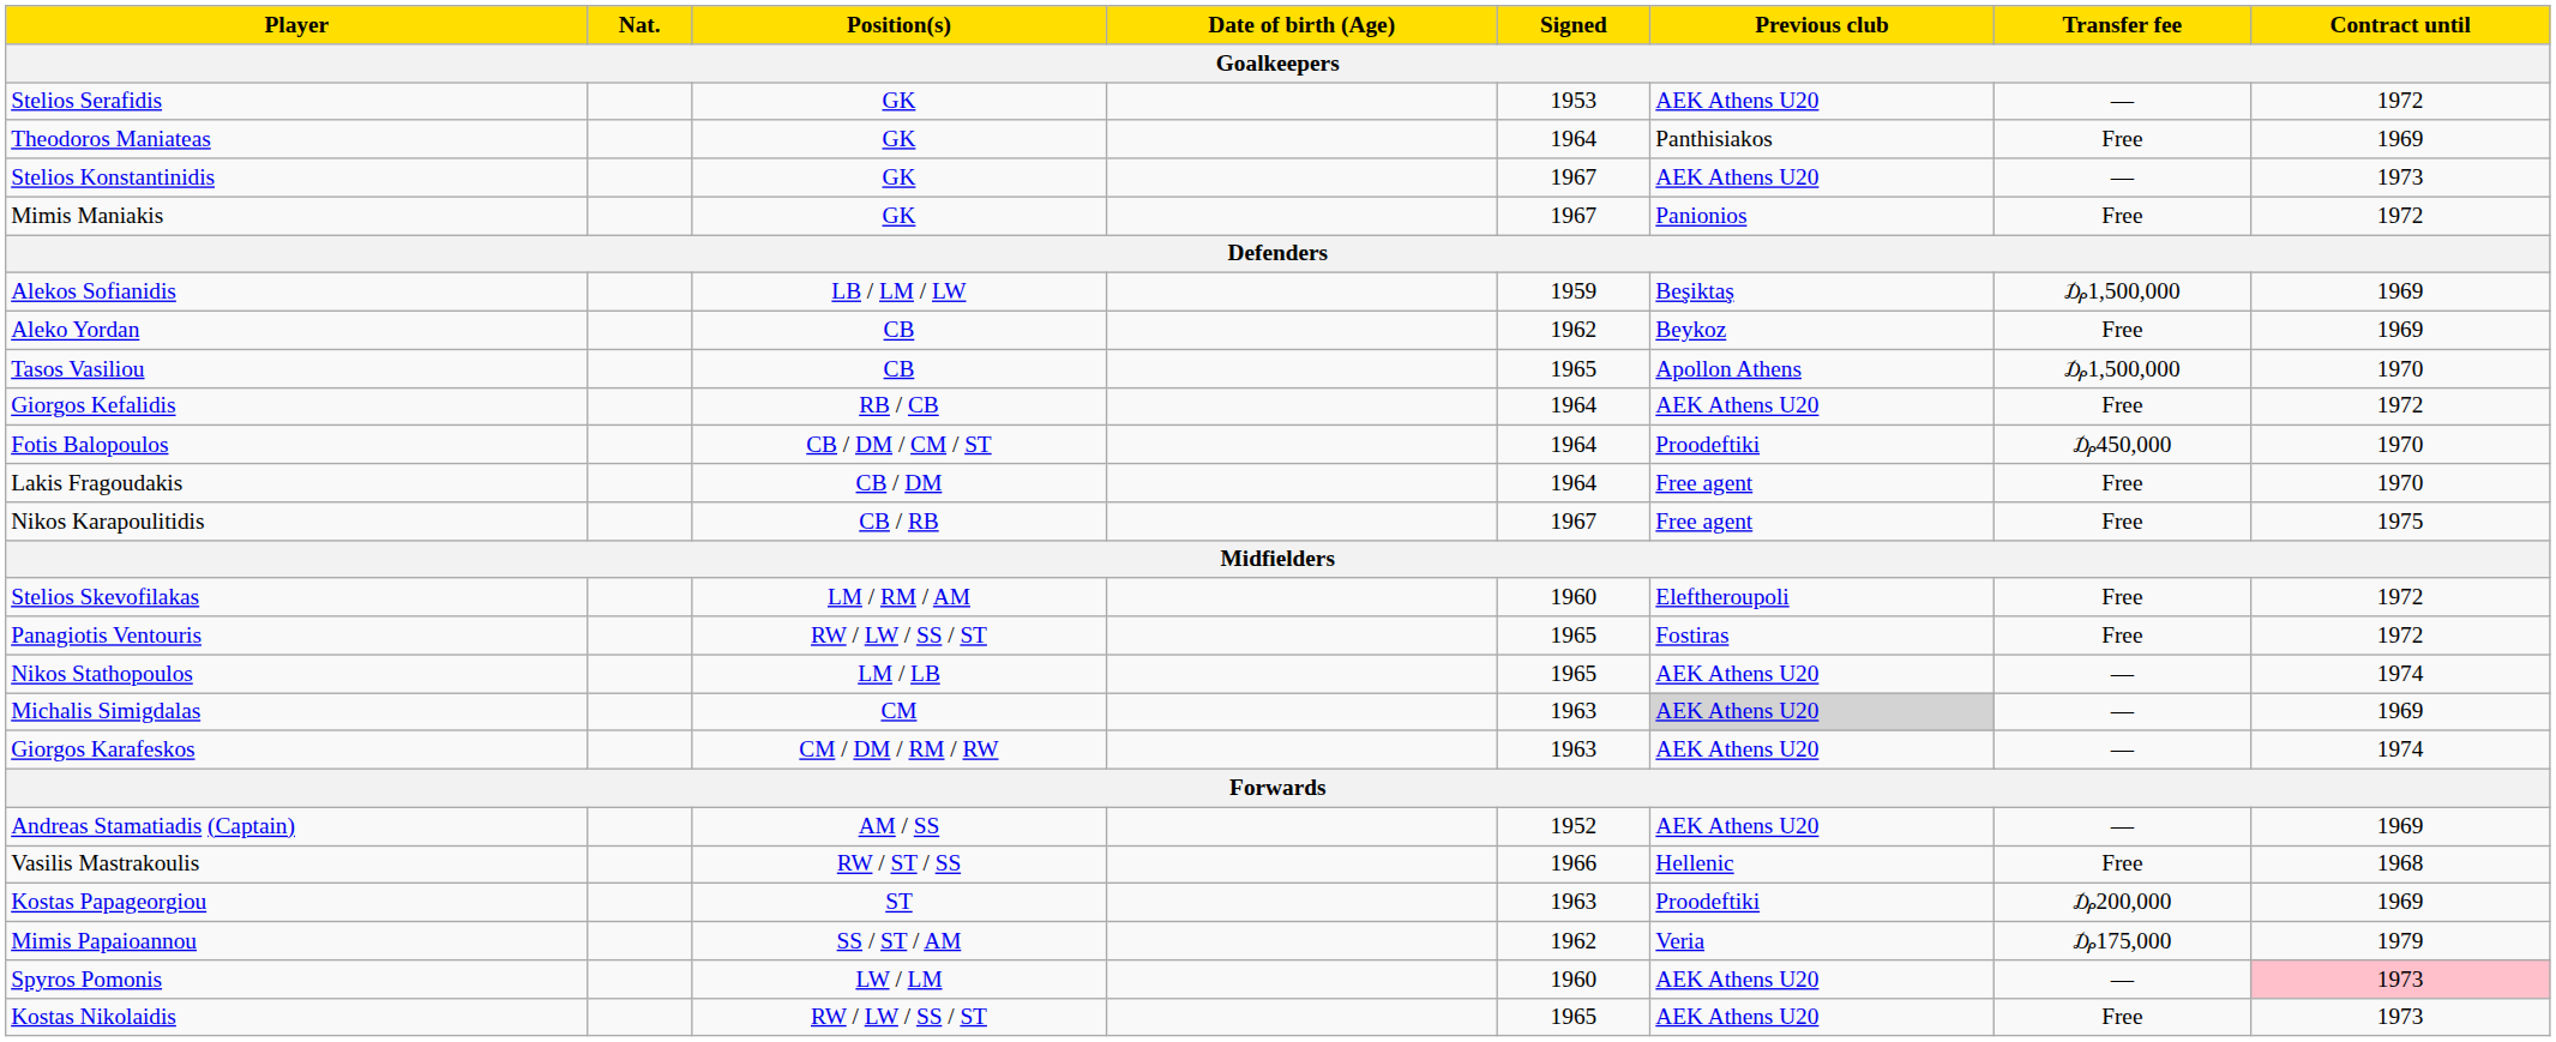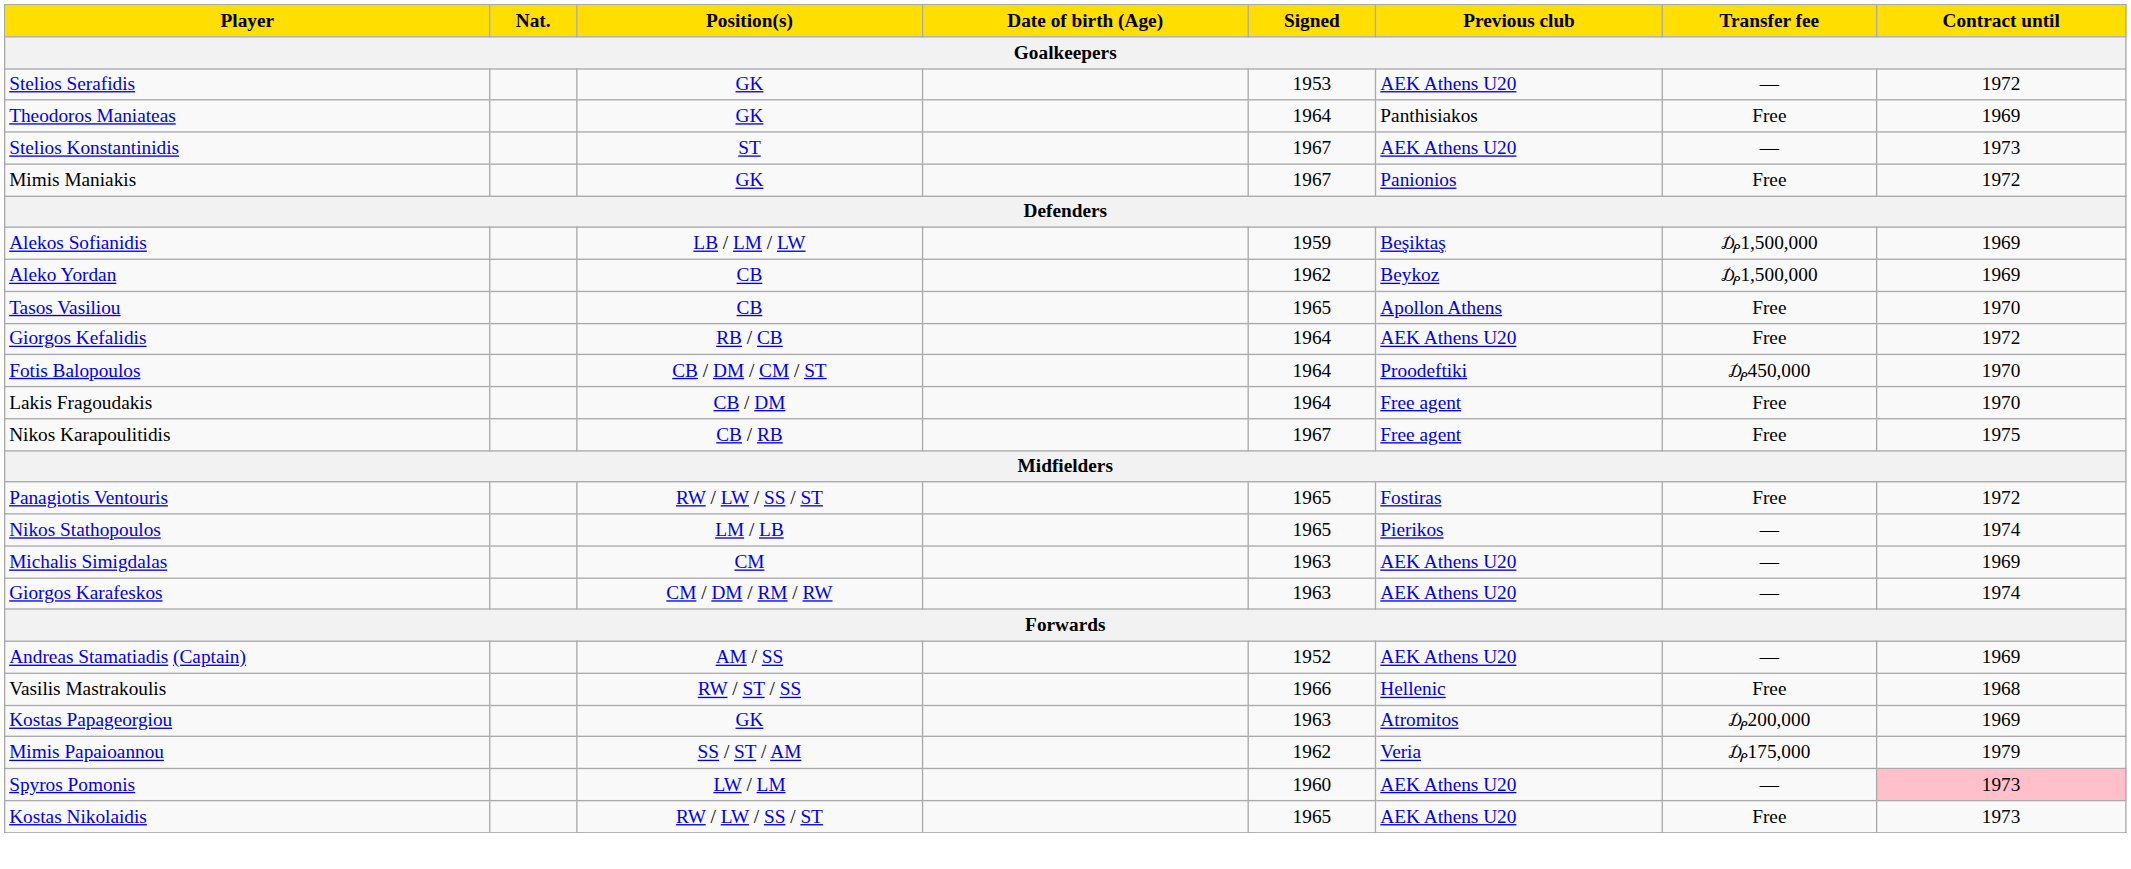 <table class="wikitable" style="text-align:center; font-size:90%;width:100%;">
 <tr>
 <th style="background:#FFDE00">Player</th>
 <th style="background:#FFDE00">Nat.</th>
 <th style="background:#FFDE00">Position(s)</th>
 <th style="background:#FFDE00">Date of birth (Age)</th>
 <th style="background:#FFDE00">Signed</th>
 <th style="background:#FFDE00">Previous club</th>
 <th style="background:#FFDE00">Transfer fee</th>
 <th style="background:#FFDE00">Contract until</th>
 </tr>
 <tr>
 <th colspan="8">Goalkeepers</th>
 </tr>
 <tr>
 <td align=left><a href='#'>Stelios Serafidis</a></td>
 <td></td>
 <td><a href='#'>GK</a></td>
 <td></td>
 <td>1953</td>
 <td align=left> <a href='#'>AEK Athens U20</a></td>
 <td>—</td>
 <td>1972</td>
 </tr>
 <tr>
 <td align=left><a href='#'>Theodoros Maniateas</a></td>
 <td></td>
 <td><a href='#'>GK</a></td>
 <td></td>
 <td>1964</td>
 <td align=left> Panthisiakos</td>
 <td>Free</td>
 <td>1969</td>
 </tr>
 <tr>
 <td align=left><a href='#'>Stelios Konstantinidis</a></td>
 <td></td>
-<td><a href='#'>GK</a></td>
+<td><a href='#'>ST</a></td>
 <td></td>
 <td>1967</td>
 <td align=left> <a href='#'>AEK Athens U20</a></td>
 <td>—</td>
 <td>1973</td>
 </tr>
 <tr>
 <td align=left>Mimis Maniakis</td>
 <td></td>
 <td><a href='#'>GK</a></td>
 <td></td>
 <td>1967</td>
 <td align=left> <a href='#'>Panionios</a></td>
 <td>Free</td>
 <td>1972</td>
 </tr>
 <tr>
 <th colspan="8">Defenders</th>
 </tr>
 <tr>
 <td align=left><a href='#'>Alekos Sofianidis</a></td>
 <td></td>
 <td><a href='#'>LB</a> / <a href='#'>LM</a> / <a href='#'>LW</a></td>
 <td></td>
 <td>1959</td>
 <td align=left> <a href='#'>Beşiktaş</a></td>
 <td>₯1,500,000</td>
 <td>1969</td>
 </tr>
 <tr>
 <td align=left><a href='#'>Aleko Yordan</a></td>
 <td></td>
 <td><a href='#'>CB</a></td>
 <td></td>
 <td>1962</td>
 <td align=left> <a href='#'>Beykoz</a></td>
-<td>Free</td>
+<td>₯1,500,000</td>
 <td>1969</td>
 </tr>
 <tr>
 <td align=left><a href='#'>Tasos Vasiliou</a></td>
 <td></td>
 <td><a href='#'>CB</a></td>
 <td></td>
 <td>1965</td>
 <td align=left> <a href='#'>Apollon Athens</a></td>
-<td>₯1,500,000</td>
+<td>Free</td>
 <td>1970</td>
 </tr>
 <tr>
 <td align=left><a href='#'>Giorgos Kefalidis</a></td>
 <td></td>
 <td><a href='#'>RB</a> / <a href='#'>CB</a></td>
 <td></td>
 <td>1964</td>
 <td align=left> <a href='#'>AEK Athens U20</a></td>
 <td>Free</td>
 <td>1972</td>
 </tr>
 <tr>
 <td align=left><a href='#'>Fotis Balopoulos</a></td>
 <td></td>
 <td><a href='#'>CB</a> / <a href='#'>DM</a> / <a href='#'>CM</a> / <a href='#'>ST</a></td>
 <td></td>
 <td>1964</td>
 <td align=left> <a href='#'>Proodeftiki</a></td>
 <td>₯450,000</td>
 <td>1970</td>
 </tr>
 <tr>
 <td align=left>Lakis Fragoudakis</td>
 <td></td>
 <td><a href='#'>CB</a> / <a href='#'>DM</a></td>
 <td></td>
 <td>1964</td>
 <td align=left><a href='#'>Free agent</a></td>
 <td>Free</td>
 <td>1970</td>
 </tr>
 <tr>
 <td align=left>Nikos Karapoulitidis</td>
 <td></td>
 <td><a href='#'>CB</a> / <a href='#'>RB</a></td>
 <td></td>
 <td>1967</td>
 <td align=left><a href='#'>Free agent</a></td>
 <td>Free</td>
 <td>1975</td>
 </tr>
 <tr>
 <th colspan="8">Midfielders</th>
 </tr>
 <tr>
-<td align=left><a href='#'>Stelios Skevofilakas</a></td>
-<td></td>
-<td><a href='#'>LM</a> / <a href='#'>RM</a> / <a href='#'>AM</a></td>
-<td></td>
-<td>1960</td>
-<td align=left> <a href='#'>Eleftheroupoli</a></td>
-<td>Free</td>
-<td>1972</td>
-</tr>
-<tr>
 <td align=left><a href='#'>Panagiotis Ventouris</a></td>
 <td></td>
 <td><a href='#'>RW</a> / <a href='#'>LW</a> / <a href='#'>SS</a> / <a href='#'>ST</a></td>
 <td></td>
 <td>1965</td>
 <td align=left> <a href='#'>Fostiras</a></td>
 <td>Free</td>
 <td>1972</td>
 </tr>
 <tr>
 <td align=left><a href='#'>Nikos Stathopoulos</a></td>
 <td></td>
 <td><a href='#'>LM</a> / <a href='#'>LB</a></td>
 <td></td>
 <td>1965</td>
-<td align=left> <a href='#'>AEK Athens U20</a></td>
+<td align=left> <a href='#'>Pierikos</a></td>
 <td>—</td>
 <td>1974</td>
 </tr>
 <tr>
 <td align=left><a href='#'>Michalis Simigdalas</a></td>
 <td></td>
 <td><a href='#'>CM</a></td>
 <td></td>
 <td>1963</td>
-<td align=left style="background: lightgrey;"> <a href='#'>AEK Athens U20</a></td>
+<td align=left> <a href='#'>AEK Athens U20</a></td>
 <td>—</td>
 <td>1969</td>
 </tr>
 <tr>
 <td align=left><a href='#'>Giorgos Karafeskos</a></td>
 <td></td>
 <td><a href='#'>CM</a> / <a href='#'>DM</a> / <a href='#'>RM</a> / <a href='#'>RW</a></td>
 <td></td>
 <td>1963</td>
 <td align=left> <a href='#'>AEK Athens U20</a></td>
 <td>—</td>
 <td>1974</td>
 </tr>
 <tr>
 <th colspan="8">Forwards</th>
 </tr>
 <tr>
 <td align=left><a href='#'>Andreas Stamatiadis</a> <a href='#'>(Captain)</a></td>
 <td></td>
 <td><a href='#'>AM</a> / <a href='#'>SS</a></td>
 <td></td>
 <td>1952</td>
 <td align=left> <a href='#'>AEK Athens U20</a></td>
 <td>—</td>
 <td>1969</td>
 </tr>
 <tr>
 <td align=left>Vasilis Mastrakoulis</td>
 <td></td>
 <td><a href='#'>RW</a> / <a href='#'>ST</a> / <a href='#'>SS</a></td>
 <td></td>
 <td>1966</td>
 <td align=left> <a href='#'>Hellenic</a></td>
 <td>Free</td>
 <td>1968</td>
 </tr>
 <tr>
 <td align=left><a href='#'>Kostas Papageorgiou</a></td>
 <td></td>
-<td><a href='#'>ST</a></td>
+<td><a href='#'>GK</a></td>
 <td></td>
 <td>1963</td>
-<td align=left> <a href='#'>Proodeftiki</a></td>
+<td align=left> <a href='#'>Atromitos</a></td>
 <td>₯200,000</td>
 <td>1969</td>
 </tr>
 <tr>
 <td align=left><a href='#'>Mimis Papaioannou</a></td>
 <td></td>
 <td><a href='#'>SS</a> / <a href='#'>ST</a> / <a href='#'>AM</a></td>
 <td></td>
 <td>1962</td>
 <td align=left> <a href='#'>Veria</a></td>
 <td>₯175,000</td>
 <td>1979</td>
 </tr>
 <tr>
 <td align=left><a href='#'>Spyros Pomonis</a></td>
 <td></td>
 <td><a href='#'>LW</a> / <a href='#'>LM</a></td>
 <td></td>
 <td>1960</td>
 <td align=left> <a href='#'>AEK Athens U20</a></td>
 <td>—</td>
 <td style="background: pink;">1973</td>
 </tr>
 <tr>
 <td align=left><a href='#'>Kostas Nikolaidis</a></td>
 <td></td>
 <td><a href='#'>RW</a> / <a href='#'>LW</a> / <a href='#'>SS</a> / <a href='#'>ST</a></td>
 <td></td>
 <td>1965</td>
 <td align=left> <a href='#'>AEK Athens U20</a></td>
 <td>Free</td>
 <td>1973</td>
 </tr>
 </table>
